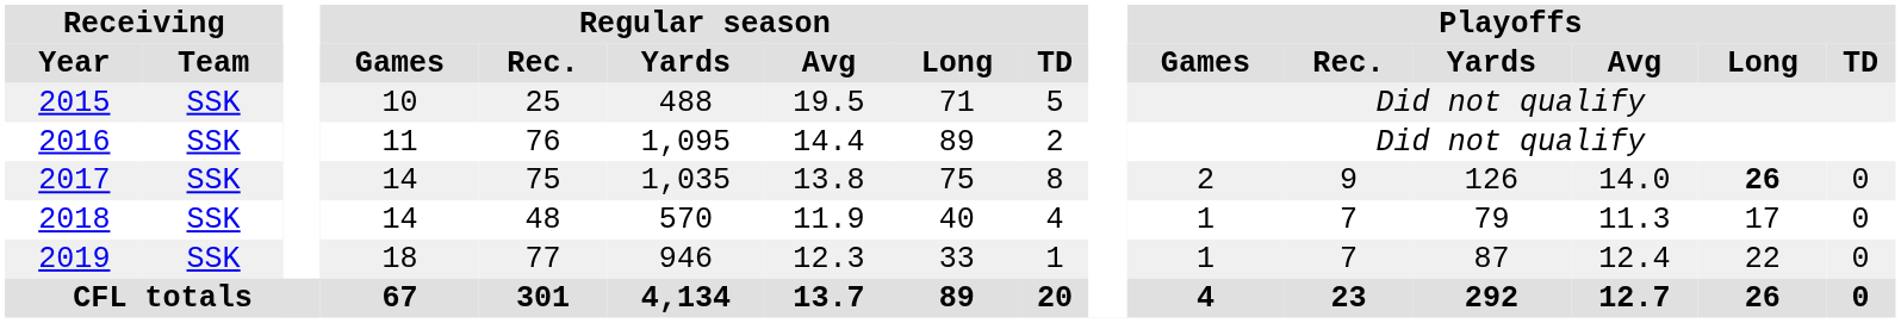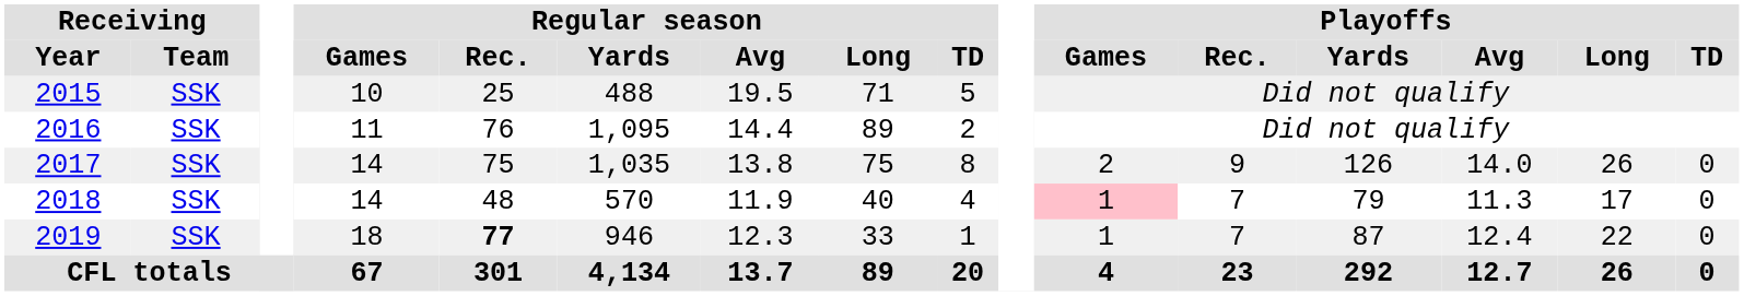 <table border="0" cellpadding="1" cellspacing="0"  style="width:65%; text-align:center;">
 <tr style="background:#e0e0e0;">
 <th colspan="2">Receiving</th>
 <th rowspan="99" style="background:#fff;"> </th>
 <th colspan="6">Regular season</th>
 <th rowspan="99" style="background:#fff;"> </th>
 <th colspan="6">Playoffs</th>
 </tr>
 <tr style="background:#e0e0e0;">
 <th>Year</th>
 <th>Team</th>
 <th>Games</th>
 <th>Rec.</th>
 <th>Yards</th>
 <th>Avg</th>
 <th>Long</th>
 <th>TD</th>
 <th>Games</th>
 <th>Rec.</th>
 <th>Yards</th>
 <th>Avg</th>
 <th>Long</th>
 <th>TD</th>
 </tr>
 <tr style="text-align:center; background:#f0f0f0;">
 <td><a href='#'>2015</a></td>
 <td><a href='#'>SSK</a></td>
 <td>10</td>
 <td>25</td>
 <td>488</td>
 <td>19.5</td>
 <td>71</td>
 <td>5</td>
 <td colspan="6"><em>Did not qualify</em></td>
 </tr>
 <tr style="text-align:center;">
 <td><a href='#'>2016</a></td>
 <td><a href='#'>SSK</a></td>
 <td>11</td>
 <td>76</td>
 <td>1,095</td>
 <td>14.4</td>
 <td>89</td>
 <td>2</td>
 <td colspan="6"><em>Did not qualify</em></td>
 </tr>
 <tr style="text-align:center; background:#f0f0f0;">
 <td><a href='#'>2017</a></td>
 <td><a href='#'>SSK</a></td>
 <td>14</td>
 <td>75</td>
 <td>1,035</td>
 <td>13.8</td>
 <td>75</td>
 <td>8</td>
 <td>2</td>
 <td>9</td>
 <td>126</td>
 <td>14.0</td>
-<td><strong>26</strong></td>
+<td>26</td>
 <td>0</td>
 </tr>
 <tr style="text-align:center;">
 <td><a href='#'>2018</a></td>
 <td><a href='#'>SSK</a></td>
 <td>14</td>
 <td>48</td>
 <td>570</td>
 <td>11.9</td>
 <td>40</td>
 <td>4</td>
-<td>1</td>
+<td style="background: pink;">1</td>
 <td>7</td>
 <td>79</td>
 <td>11.3</td>
 <td>17</td>
 <td>0</td>
 </tr>
 <tr style="text-align:center; background:#f0f0f0;">
 <td><a href='#'>2019</a></td>
 <td><a href='#'>SSK</a></td>
 <td>18</td>
-<td>77</td>
+<td><strong>77</strong></td>
 <td>946</td>
 <td>12.3</td>
 <td>33</td>
 <td>1</td>
 <td>1</td>
 <td>7</td>
 <td>87</td>
 <td>12.4</td>
 <td>22</td>
 <td>0</td>
 </tr>
 <tr style="background:#e0e0e0;">
 <th colspan="3">CFL totals</th>
 <th>67</th>
 <th>301</th>
 <th>4,134</th>
 <th>13.7</th>
 <th>89</th>
 <th>20</th>
 <th>4</th>
 <th>23</th>
 <th>292</th>
 <th>12.7</th>
 <th>26</th>
 <th>0</th>
 </tr>
 </table>
